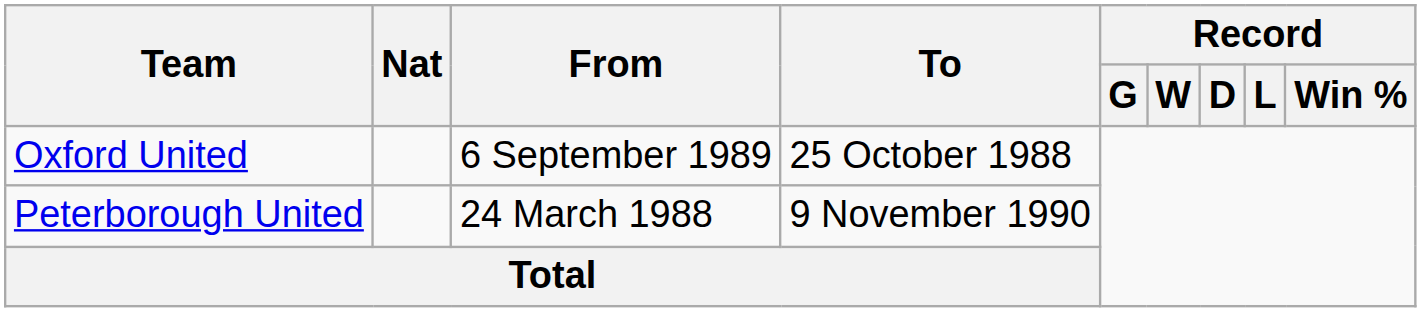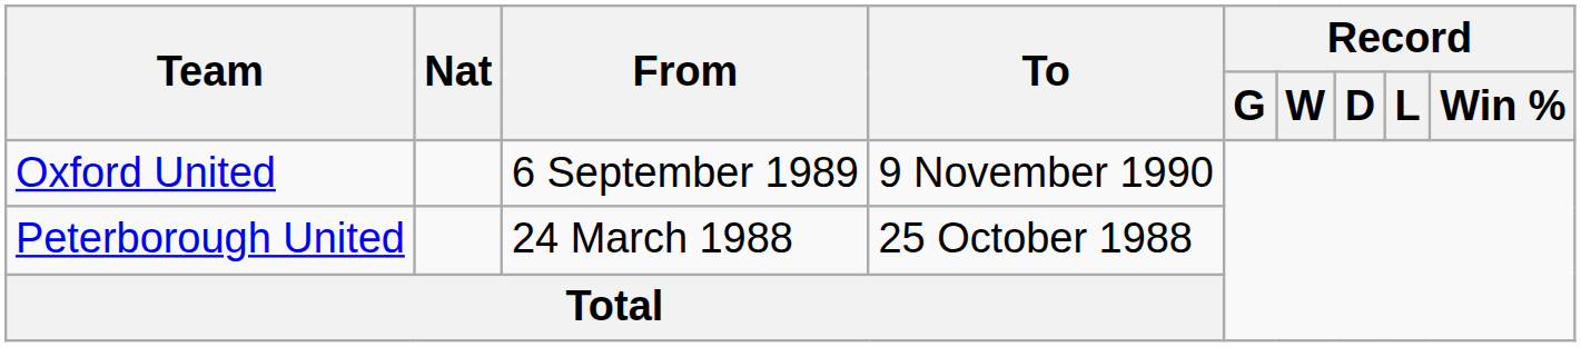 <table class="wikitable" style="text-align: center">
 <tr>
 <th rowspan="2">Team</th>
 <th rowspan="2">Nat</th>
 <th rowspan="2">From</th>
 <th rowspan="2">To</th>
 <th colspan="5">Record</th>
 </tr>
 <tr>
 <th>G</th>
 <th>W</th>
 <th>D</th>
 <th>L</th>
 <th>Win %</th>
 </tr>
 <tr>
 <td align=left><a href='#'>Oxford United</a></td>
 <td></td>
 <td align=left>6 September 1989</td>
-<td align=left>25 October 1988<br></td>
+<td align=left>9 November 1990<br></td>
 </tr>
 <tr>
 <td align=left><a href='#'>Peterborough United</a></td>
 <td></td>
 <td align=left>24 March 1988</td>
-<td align=left>9 November 1990<br></td>
+<td align=left>25 October 1988<br></td>
 </tr>
 <tr>
 <th colspan="4">Total<br></th>
 </tr>
 </table>
